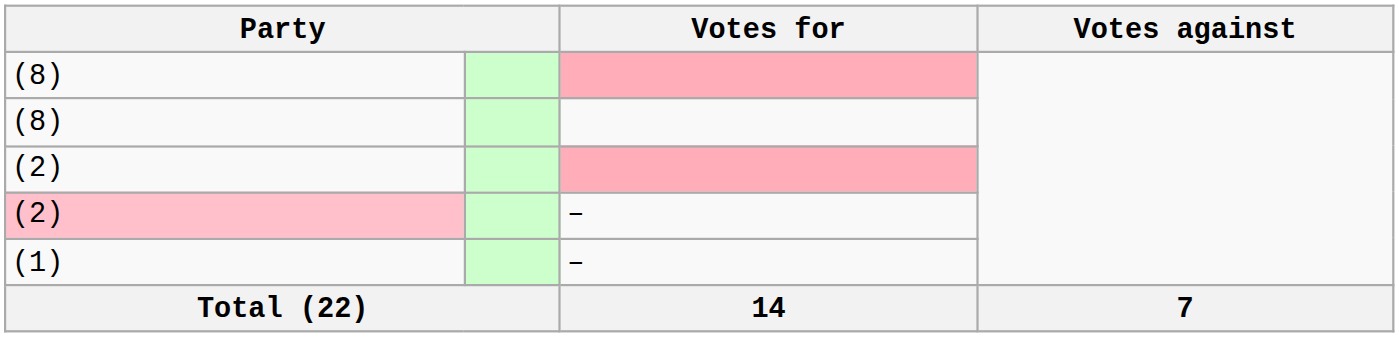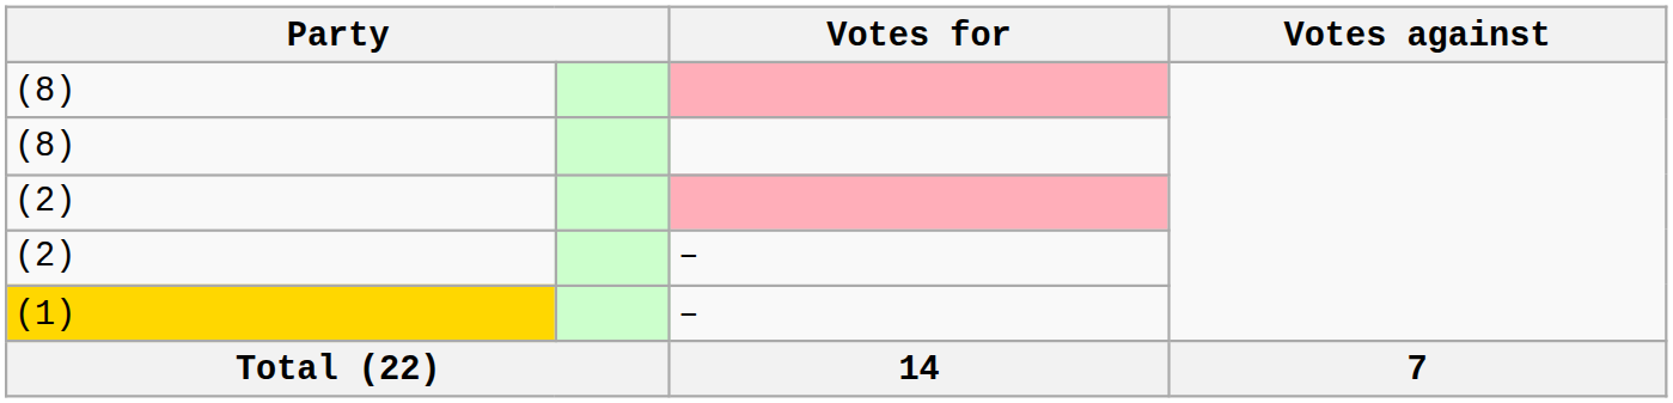 <table class="wikitable"  style="float:left; width:50%;">
 <tr>
 <th style="width:20%;" colspan="2">Party</th>
 <th style="width:15%;">Votes for</th>
 <th style="width:15%;">Votes against</th>
 </tr>
 <tr>
 <td> (8)</td>
 <td style="background-color:#CCFFCC;"></td>
 <td style="background-color:#FFAEB9;"></td>
 </tr>
 <tr>
 <td> (8)</td>
 <td style="background-color:#CCFFCC;"></td>
 <td></td>
 </tr>
 <tr>
 <td> (2)</td>
 <td style="background-color:#CCFFCC;"></td>
 <td style="background-color:#FFAEB9;"></td>
 </tr>
 <tr>
-<td style="background: pink;"> (2)</td>
+<td> (2)</td>
 <td style="background-color:#CCFFCC;"></td>
 <td>–</td>
 </tr>
 <tr>
-<td> (1)</td>
+<td style="background: gold;"> (1)</td>
 <td style="background-color:#CCFFCC;"></td>
 <td>–</td>
 </tr>
 <tr>
 <th colspan=2>Total (22)</th>
 <th>14</th>
 <th>7</th>
 </tr>
 </table>
